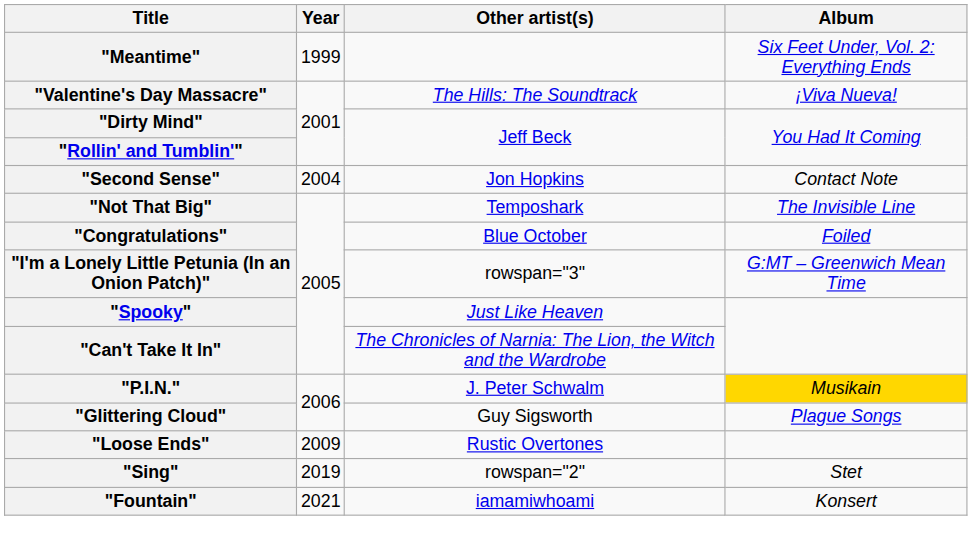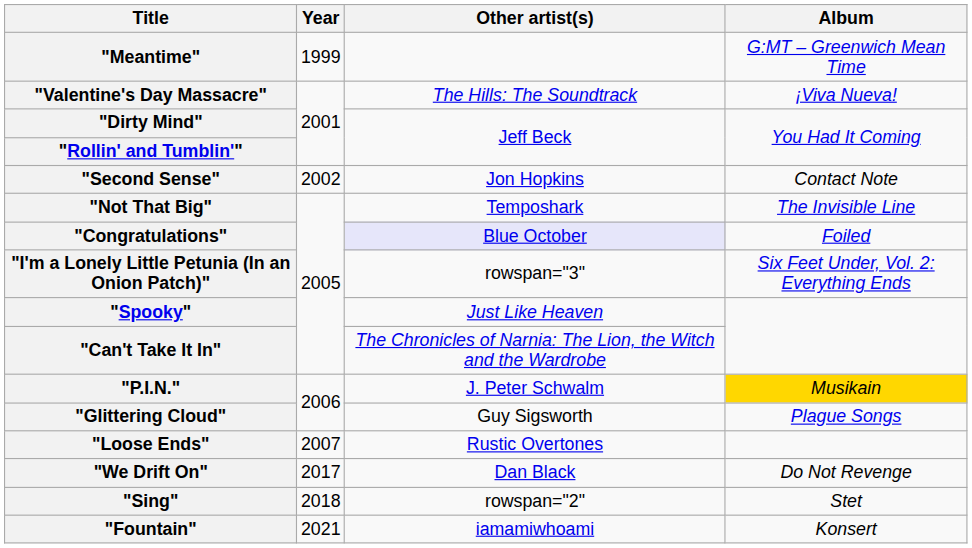 <table class="wikitable plainrowheaders" style="text-align:center;">
 <tr>
 <th scope="col" style="width:16em;">Title</th>
 <th scope="col">Year</th>
 <th scope="col">Other artist(s)</th>
 <th scope="col">Album</th>
 </tr>
 <tr>
 <th scope="row">"Meantime"</th>
 <td>1999</td>
 <td></td>
-<td><em><a href='#'>Six Feet Under, Vol. 2: Everything Ends</a></em></td>
+<td><em><a href='#'>G:MT – Greenwich Mean Time</a></em></td>
 </tr>
 <tr>
 <th scope="row">"Valentine's Day Massacre"</th>
 <td rowspan="3">2001</td>
 <td><em><a href='#'>The Hills: The Soundtrack</a></em></td>
 <td><em><a href='#'>¡Viva Nueva!</a></em></td>
 </tr>
 <tr>
 <th scope="row">"Dirty Mind"</th>
 <td rowspan="2"><a href='#'>Jeff Beck</a></td>
 <td rowspan="2"><em><a href='#'>You Had It Coming</a></em></td>
 </tr>
 <tr>
 <th scope="row">"<a href='#'>Rollin' and Tumblin'</a>"</th>
 </tr>
 <tr>
 <th scope="row">"Second Sense"</th>
-<td>2004</td>
+<td>2002</td>
 <td><a href='#'>Jon Hopkins</a></td>
 <td><em>Contact Note</em></td>
 </tr>
 <tr>
 <th scope="row">"Not That Big"</th>
 <td rowspan="5">2005</td>
 <td><a href='#'>Temposhark</a></td>
 <td><em><a href='#'>The Invisible Line</a></em></td>
 </tr>
 <tr>
 <th scope="row">"Congratulations"</th>
-<td><a href='#'>Blue October</a></td>
+<td style="background: lavender;"><a href='#'>Blue October</a></td>
 <td><em><a href='#'>Foiled</a></em></td>
 </tr>
 <tr>
 <th scope="row">"I'm a Lonely Little Petunia (In an Onion Patch)"</th>
 <td>rowspan="3" </td>
-<td><em><a href='#'>G:MT – Greenwich Mean Time</a></em></td>
+<td><em><a href='#'>Six Feet Under, Vol. 2: Everything Ends</a></em></td>
 </tr>
 <tr>
 <th scope="row">"<a href='#'>Spooky</a>"</th>
 <td><em><a href='#'>Just Like Heaven</a></em></td>
 </tr>
 <tr>
 <th scope="row">"Can't Take It In"</th>
 <td><em><a href='#'>The Chronicles of Narnia: The Lion, the Witch and the Wardrobe</a></em></td>
 </tr>
 <tr>
 <th scope="row">"P.I.N."</th>
 <td rowspan="2">2006</td>
 <td><a href='#'>J. Peter Schwalm</a></td>
 <td style="background: gold;"><em>Musikain</em></td>
 </tr>
 <tr>
 <th scope="row">"Glittering Cloud"</th>
 <td>Guy Sigsworth</td>
 <td><em><a href='#'>Plague Songs</a></em></td>
 </tr>
 <tr>
 <th scope="row">"Loose Ends"</th>
-<td>2009</td>
+<td>2007</td>
 <td><a href='#'>Rustic Overtones</a></td>
 </tr>
 <tr>
+<th scope="row">"We Drift On"</th>
+<td>2017</td>
+<td><a href='#'>Dan Black</a></td>
+<td><em>Do Not Revenge</em></td>
+</tr>
+<tr>
 <th scope="row">"Sing"</th>
-<td>2019</td>
+<td>2018</td>
 <td>rowspan="2" </td>
 <td><em>Stet</em></td>
 </tr>
 <tr>
 <th scope="row">"Fountain"</th>
 <td>2021</td>
 <td><a href='#'>iamamiwhoami</a></td>
 <td><em>Konsert</em></td>
 </tr>
 </table>
